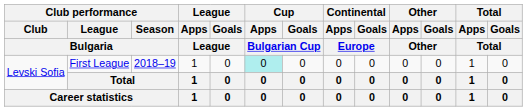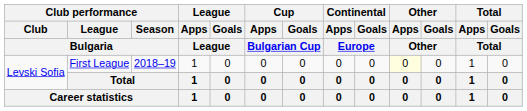 <table class="wikitable" style="text-align: center">
 <tr>
 <th Colspan="3">Club performance</th>
 <th Colspan="2">League</th>
 <th Colspan="2">Cup</th>
 <th Colspan="2">Continental</th>
 <th Colspan="2">Other</th>
 <th Colspan="3">Total</th>
 </tr>
 <tr>
 <th>Club</th>
 <th>League</th>
 <th>Season</th>
 <th>Apps</th>
 <th>Goals</th>
 <th>Apps</th>
 <th>Goals</th>
 <th>Apps</th>
 <th>Goals</th>
 <th>Apps</th>
 <th>Goals</th>
 <th>Apps</th>
 <th>Goals</th>
 </tr>
 <tr>
 <th Colspan="3">Bulgaria</th>
 <th Colspan="2">League</th>
 <th Colspan="2"><a href='#'>Bulgarian Cup</a></th>
 <th Colspan="2"><a href='#'>Europe</a></th>
 <th Colspan="2">Other</th>
 <th Colspan="2">Total</th>
 </tr>
 <tr>
 <td rowspan="2" valign="center"><a href='#'>Levski Sofia</a></td>
 <td rowspan="1"><a href='#'>First League</a></td>
 <td><a href='#'>2018–19</a></td>
 <td>1</td>
 <td>0</td>
-<td style="background: paleturquoise;">0</td>
 <td>0</td>
 <td>0</td>
 <td>0</td>
 <td>0</td>
+<td style="background: lightyellow;">0</td>
 <td>0</td>
 <td>1</td>
 <td>0</td>
 </tr>
 <tr>
 <th colspan=2>Total</th>
 <th>1</th>
 <th>0</th>
 <th>0</th>
 <th>0</th>
 <th>0</th>
 <th>0</th>
 <th>0</th>
 <th>0</th>
 <th>1</th>
 <th>0</th>
 </tr>
 <tr>
 <th colspan="3">Career statistics</th>
 <th>1</th>
 <th>0</th>
 <th>0</th>
 <th>0</th>
 <th>0</th>
 <th>0</th>
 <th>0</th>
 <th>0</th>
 <th>1</th>
 <th>0</th>
 </tr>
 </table>
